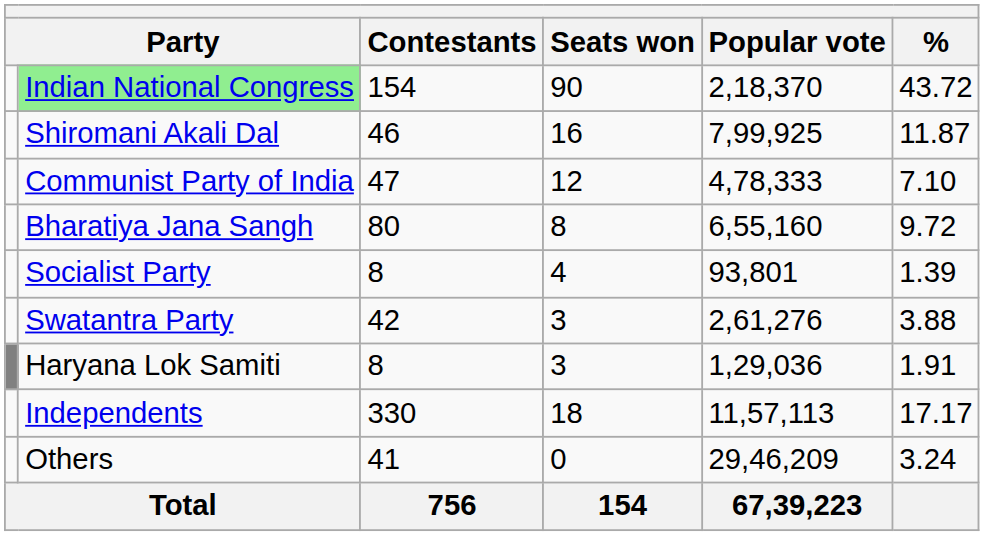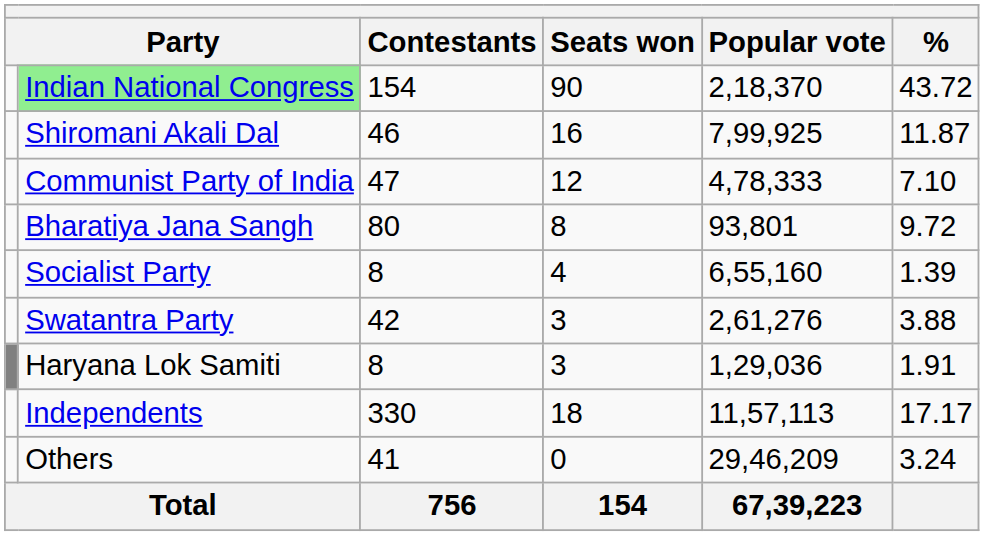 <table class="wikitable sortable">
 <tr>
 <th colspan=10></th>
 </tr>
 <tr>
 <th colspan=2>Party</th>
 <th>Contestants</th>
 <th>Seats won</th>
 <th>Popular vote</th>
 <th>%</th>
 </tr>
 <tr>
 <td></td>
 <td style="background:#90EE90;"><a href='#'>Indian National Congress</a></td>
 <td>154</td>
 <td>90</td>
 <td>2,18,370</td>
 <td>43.72</td>
 </tr>
 <tr>
 <td></td>
 <td><a href='#'>Shiromani Akali Dal</a></td>
 <td>46</td>
 <td>16</td>
 <td>7,99,925</td>
 <td>11.87</td>
 </tr>
 <tr>
 <td></td>
 <td><a href='#'>Communist Party of India</a></td>
 <td>47</td>
 <td>12</td>
 <td>4,78,333</td>
 <td>7.10</td>
 </tr>
 <tr>
 <td></td>
 <td><a href='#'>Bharatiya Jana Sangh</a></td>
 <td>80</td>
 <td>8</td>
-<td>6,55,160</td>
+<td>93,801</td>
 <td>9.72</td>
 </tr>
 <tr>
 <td></td>
 <td><a href='#'>Socialist Party</a></td>
 <td>8</td>
 <td>4</td>
-<td>93,801</td>
+<td>6,55,160</td>
 <td>1.39</td>
 </tr>
 <tr>
 <td></td>
 <td><a href='#'>Swatantra Party</a></td>
 <td>42</td>
 <td>3</td>
 <td>2,61,276</td>
 <td>3.88</td>
 </tr>
 <tr>
 <td bgcolor="gray"></td>
 <td>Haryana Lok Samiti</td>
 <td>8</td>
 <td>3</td>
 <td>1,29,036</td>
 <td>1.91</td>
 </tr>
 <tr>
 <td></td>
 <td><a href='#'>Independents</a></td>
 <td>330</td>
 <td>18</td>
 <td>11,57,113</td>
 <td>17.17</td>
 </tr>
 <tr>
 <td></td>
 <td>Others</td>
 <td>41</td>
 <td>0</td>
 <td>29,46,209</td>
 <td>3.24</td>
 </tr>
 <tr>
 <th colspan=2>Total</th>
 <th>756</th>
 <th>154</th>
 <th>67,39,223</th>
 <th></th>
 </tr>
 </table>
